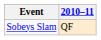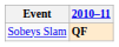 <table class="wikitable" border="1">
 <tr>
 <th>Event</th>
 <th><a href='#'>2010–11</a></th>
 </tr>
 <tr>
 <td><a href='#'>Sobeys Slam</a></td>
-<td style="background:#ffebcd;">QF</td>
+<td style="background:#ffebcd;"><strong>QF</strong></td>
 </tr>
 </table>
